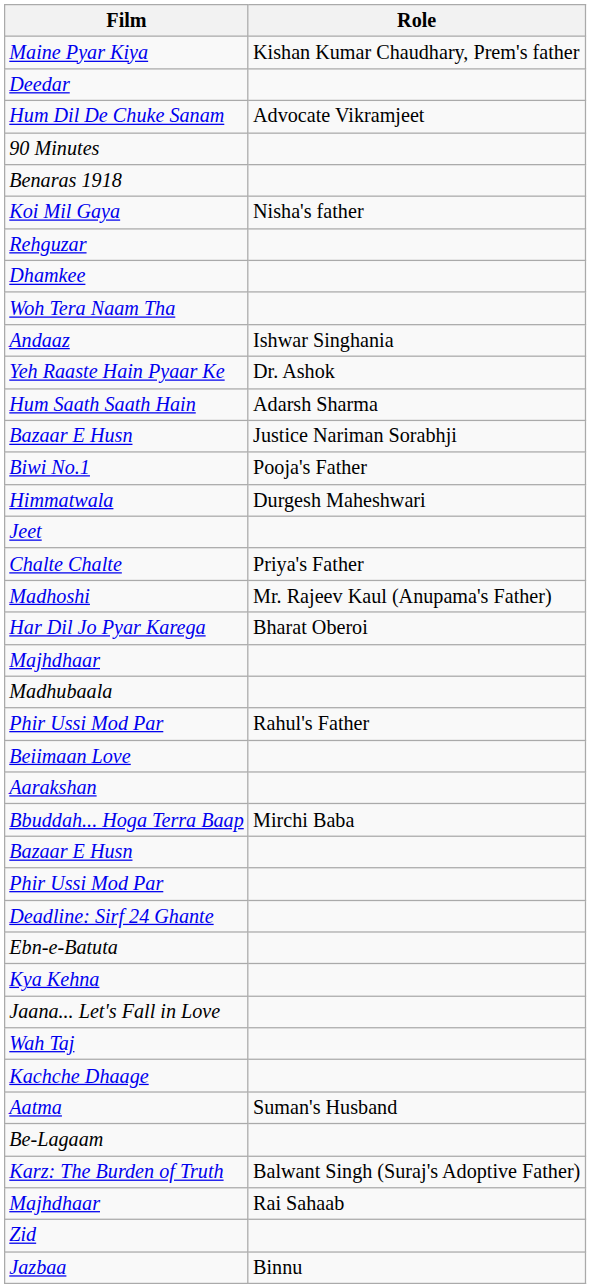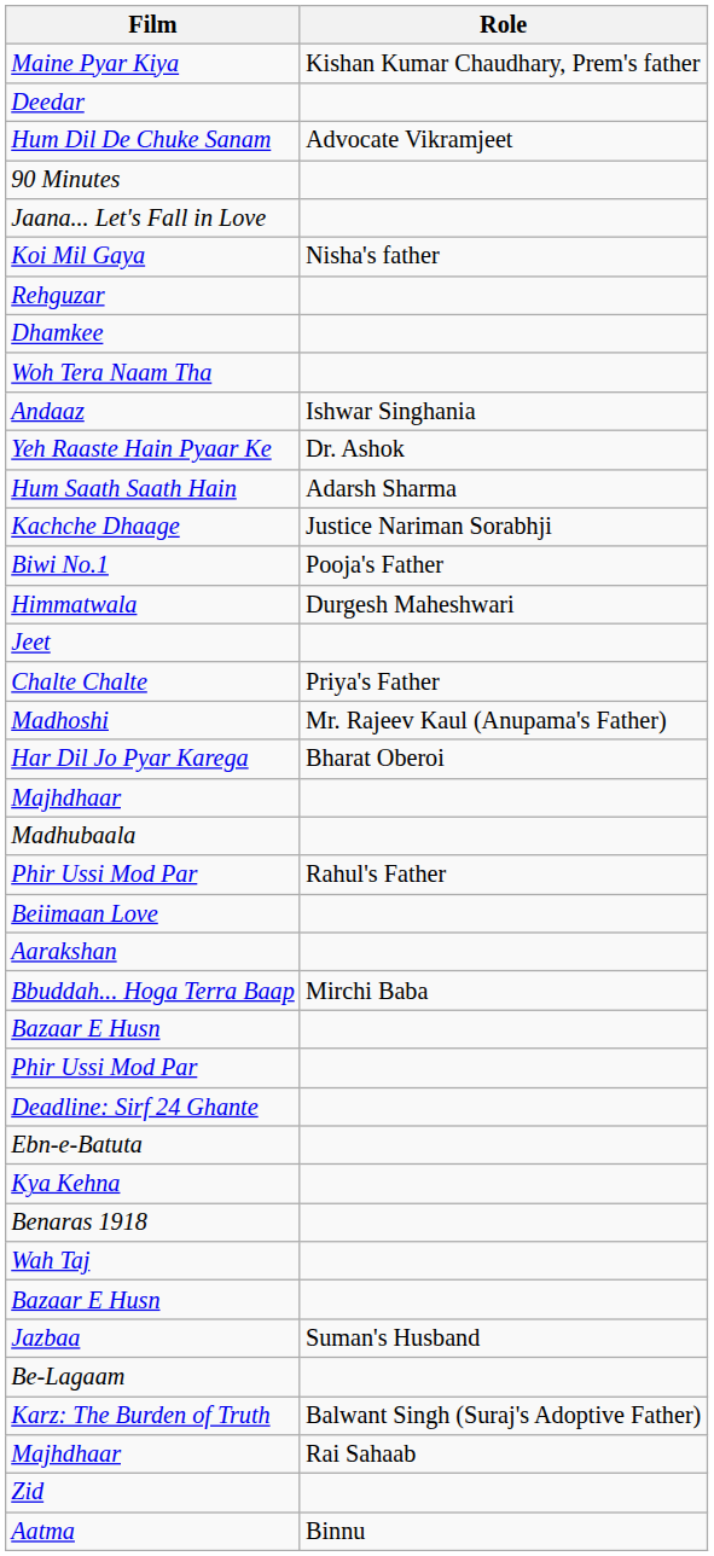 <table class="wikitable">
 <tr>
 <th>Film</th>
 <th>Role</th>
 </tr>
 <tr>
 <td><em><a href='#'>Maine Pyar Kiya</a></em></td>
 <td>Kishan Kumar Chaudhary, Prem's father</td>
 </tr>
 <tr>
 <td><em><a href='#'>Deedar</a></em></td>
 <td></td>
 </tr>
 <tr>
 <td><em><a href='#'>Hum Dil De Chuke Sanam</a></em></td>
 <td>Advocate Vikramjeet</td>
 </tr>
 <tr>
 <td><em>90 Minutes</em></td>
 <td></td>
 </tr>
 <tr>
-<td><em>Benaras 1918</em></td>
+<td><em>Jaana... Let's Fall in Love</em></td>
 <td></td>
 </tr>
 <tr>
 <td><em><a href='#'>Koi Mil Gaya</a></em></td>
 <td>Nisha's father</td>
 </tr>
 <tr>
 <td><em><a href='#'>Rehguzar</a></em></td>
 <td></td>
 </tr>
 <tr>
 <td><em><a href='#'>Dhamkee</a></em></td>
 <td></td>
 </tr>
 <tr>
 <td><em><a href='#'>Woh Tera Naam Tha</a></em></td>
 <td></td>
 </tr>
 <tr>
 <td><em><a href='#'>Andaaz</a></em></td>
 <td>Ishwar Singhania</td>
 </tr>
 <tr>
 <td><em><a href='#'>Yeh Raaste Hain Pyaar Ke</a></em></td>
 <td>Dr. Ashok</td>
 </tr>
 <tr>
 <td><em><a href='#'>Hum Saath Saath Hain</a></em></td>
 <td>Adarsh Sharma</td>
 </tr>
 <tr>
-<td><em><a href='#'>Bazaar E Husn</a></em></td>
+<td><em><a href='#'>Kachche Dhaage</a></em></td>
 <td>Justice Nariman Sorabhji</td>
 </tr>
 <tr>
 <td><em><a href='#'>Biwi No.1</a></em></td>
 <td>Pooja's Father</td>
 </tr>
 <tr>
 <td><em><a href='#'>Himmatwala</a></em></td>
 <td>Durgesh Maheshwari</td>
 </tr>
 <tr>
 <td><em><a href='#'>Jeet</a></em></td>
 <td></td>
 </tr>
 <tr>
 <td><em><a href='#'>Chalte Chalte</a></em></td>
 <td>Priya's Father</td>
 </tr>
 <tr>
 <td><em><a href='#'>Madhoshi</a></em></td>
 <td>Mr. Rajeev Kaul (Anupama's Father)</td>
 </tr>
 <tr>
 <td><em><a href='#'>Har Dil Jo Pyar Karega</a></em></td>
 <td>Bharat Oberoi</td>
 </tr>
 <tr>
 <td><em><a href='#'>Majhdhaar</a></em></td>
 <td></td>
 </tr>
 <tr>
 <td><em>Madhubaala</em></td>
 <td></td>
 </tr>
 <tr>
 <td><em><a href='#'>Phir Ussi Mod Par</a></em></td>
 <td>Rahul's Father</td>
 </tr>
 <tr>
 <td><em><a href='#'>Beiimaan Love</a></em></td>
 <td></td>
 </tr>
 <tr>
 <td><em><a href='#'>Aarakshan</a></em></td>
 <td></td>
 </tr>
 <tr>
 <td><em><a href='#'>Bbuddah... Hoga Terra Baap</a></em></td>
 <td>Mirchi Baba</td>
 </tr>
 <tr>
 <td><em><a href='#'>Bazaar E Husn</a></em></td>
 <td></td>
 </tr>
 <tr>
 <td><em><a href='#'>Phir Ussi Mod Par</a></em></td>
 <td></td>
 </tr>
 <tr>
 <td><em><a href='#'>Deadline: Sirf 24 Ghante</a></em></td>
 <td></td>
 </tr>
 <tr>
 <td><em>Ebn-e-Batuta</em></td>
 <td></td>
 </tr>
 <tr>
 <td><em><a href='#'>Kya Kehna</a></em></td>
 <td></td>
 </tr>
 <tr>
-<td><em>Jaana... Let's Fall in Love</em></td>
+<td><em>Benaras 1918</em></td>
 <td></td>
 </tr>
 <tr>
 <td><em><a href='#'>Wah Taj</a></em></td>
 <td></td>
 </tr>
 <tr>
-<td><em><a href='#'>Kachche Dhaage</a></em></td>
+<td><em><a href='#'>Bazaar E Husn</a></em></td>
 <td></td>
 </tr>
 <tr>
-<td><em><a href='#'>Aatma</a></em></td>
+<td><em><a href='#'>Jazbaa</a></em></td>
 <td>Suman's Husband</td>
 </tr>
 <tr>
 <td><em>Be-Lagaam</em></td>
 <td></td>
 </tr>
 <tr>
 <td><em><a href='#'>Karz: The Burden of Truth</a></em></td>
 <td>Balwant Singh (Suraj's Adoptive Father)</td>
 </tr>
 <tr>
 <td><em><a href='#'>Majhdhaar</a></em></td>
 <td>Rai Sahaab</td>
 </tr>
 <tr>
 <td><em><a href='#'>Zid</a></em></td>
 <td></td>
 </tr>
 <tr>
-<td><em><a href='#'>Jazbaa</a></em></td>
+<td><em><a href='#'>Aatma</a></em></td>
 <td>Binnu</td>
 </tr>
 <tr>
 </tr>
 </table>
